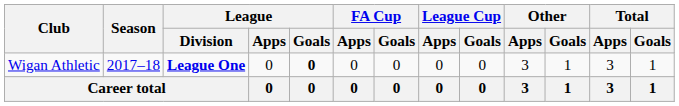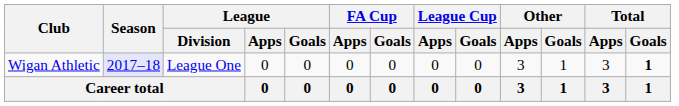 <table class="wikitable" style="text-align: center">
 <tr>
 <th rowspan="2">Club</th>
 <th rowspan="2">Season</th>
 <th colspan="3">League</th>
 <th colspan="2"><a href='#'>FA Cup</a></th>
 <th colspan="2"><a href='#'>League Cup</a></th>
 <th colspan="2">Other</th>
 <th colspan="2">Total</th>
 </tr>
 <tr>
 <th>Division</th>
 <th>Apps</th>
 <th>Goals</th>
 <th>Apps</th>
 <th>Goals</th>
 <th>Apps</th>
 <th>Goals</th>
 <th>Apps</th>
 <th>Goals</th>
 <th>Apps</th>
 <th>Goals</th>
 </tr>
 <tr>
 <td><a href='#'>Wigan Athletic</a></td>
-<td><a href='#'>2017–18</a></td>
-<td><strong><a href='#'>League One</a></strong></td>
+<td style="background: lavender;"><a href='#'>2017–18</a></td>
+<td><a href='#'>League One</a></td>
 <td>0</td>
-<td><strong>0</strong></td>
+<td>0</td>
 <td>0</td>
 <td>0</td>
 <td>0</td>
 <td>0</td>
 <td>3</td>
 <td>1</td>
 <td>3</td>
-<td>1</td>
+<td><strong>1</strong></td>
 </tr>
 <tr>
 <th colspan="3">Career total</th>
 <th>0</th>
 <th>0</th>
 <th>0</th>
 <th>0</th>
 <th>0</th>
 <th>0</th>
 <th>3</th>
 <th>1</th>
 <th>3</th>
 <th>1</th>
 </tr>
 </table>
